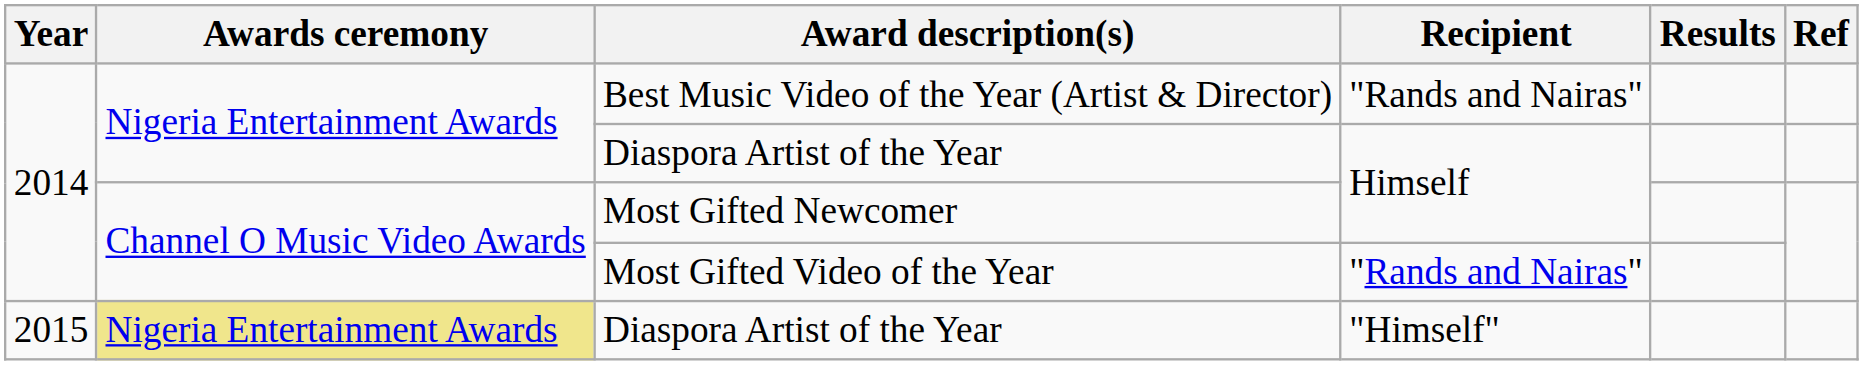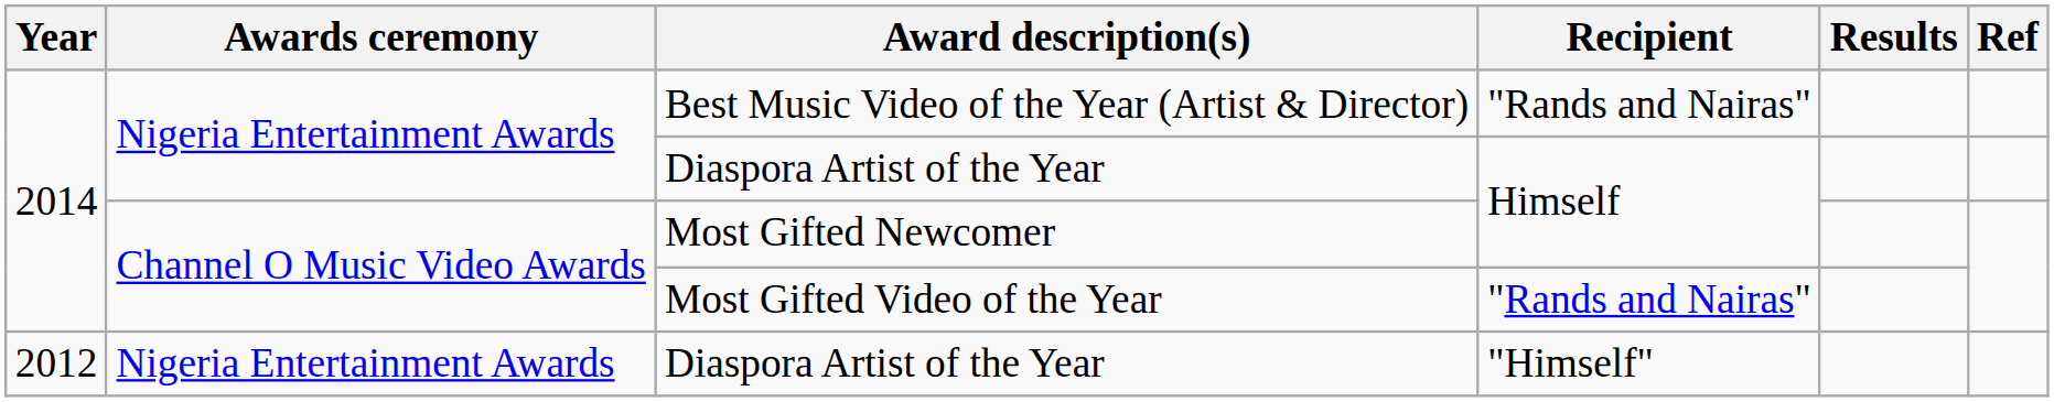 <table class="wikitable">
 <tr>
 <th>Year</th>
 <th>Awards ceremony</th>
 <th>Award description(s)</th>
 <th>Recipient</th>
 <th>Results</th>
 <th>Ref</th>
 </tr>
 <tr>
 <td rowspan="4">2014</td>
 <td rowspan="2"><a href='#'>Nigeria Entertainment Awards</a></td>
 <td>Best Music Video of the Year (Artist & Director)</td>
 <td>"Rands and Nairas"</td>
 <td></td>
 <td></td>
 </tr>
 <tr>
 <td>Diaspora Artist of the Year</td>
 <td rowspan="2">Himself</td>
 <td></td>
 <td></td>
 </tr>
 <tr>
 <td rowspan="2"><a href='#'>Channel O Music Video Awards</a></td>
 <td>Most Gifted Newcomer</td>
 <td></td>
 <td rowspan="2"></td>
 </tr>
 <tr>
 <td>Most Gifted Video of the Year</td>
 <td>"<a href='#'>Rands and Nairas</a>"</td>
 <td></td>
 </tr>
 <tr>
-<td>2015</td>
-<td style="background: khaki;"><a href='#'>Nigeria Entertainment Awards</a></td>
+<td>2012</td>
+<td><a href='#'>Nigeria Entertainment Awards</a></td>
 <td>Diaspora Artist of the Year</td>
 <td>"Himself"</td>
 <td></td>
 <td></td>
 </tr>
 </table>
